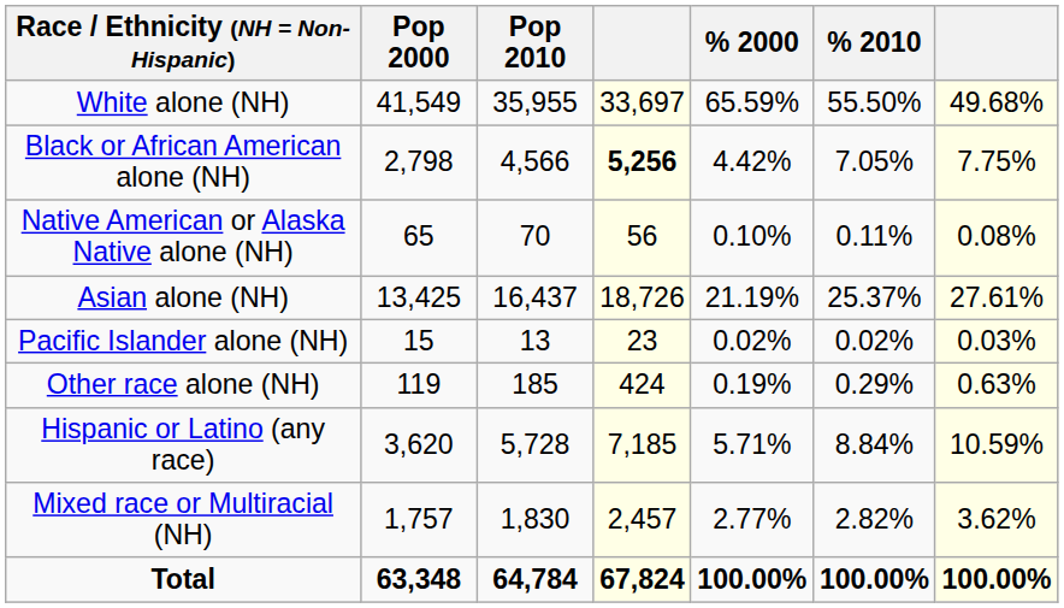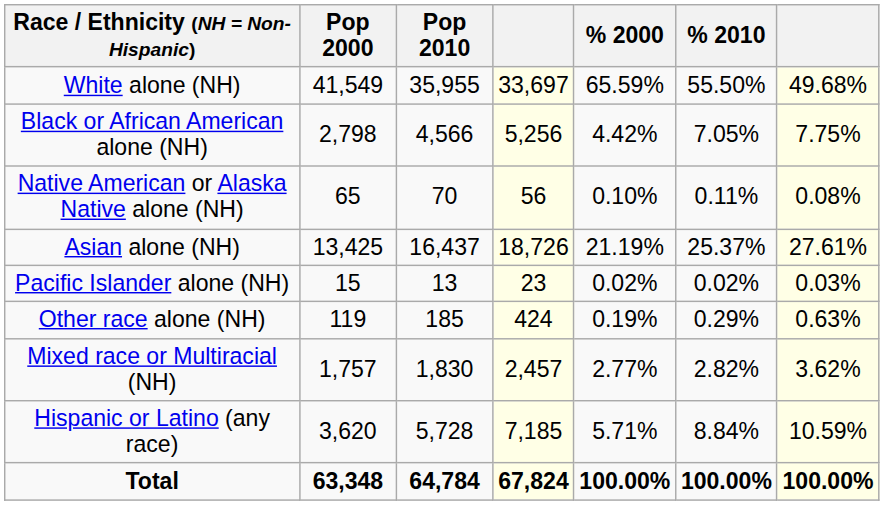 <table class="wikitable" style="text-align:center;">
 <tr>
 <th>Race / Ethnicity <small>(<em>NH = Non-Hispanic</em>)</small></th>
 <th>Pop 2000</th>
 <th>Pop 2010</th>
 <th></th>
 <th>% 2000</th>
 <th>% 2010</th>
 <th></th>
 </tr>
 <tr>
 <td><a href='#'>White</a> alone (NH)</td>
 <td>41,549</td>
 <td>35,955</td>
 <td style='background: #ffffe6;'>33,697</td>
 <td>65.59%</td>
 <td>55.50%</td>
 <td style='background: #ffffe6;'>49.68%</td>
 </tr>
 <tr>
 <td><a href='#'>Black or African American</a> alone (NH)</td>
 <td>2,798</td>
 <td>4,566</td>
-<td style='background: #ffffe6;'><strong>5,256</strong></td>
+<td style='background: #ffffe6;'>5,256</td>
 <td>4.42%</td>
 <td>7.05%</td>
 <td style='background: #ffffe6;'>7.75%</td>
 </tr>
 <tr>
 <td><a href='#'>Native American</a> or <a href='#'>Alaska Native</a> alone (NH)</td>
 <td>65</td>
 <td>70</td>
 <td style='background: #ffffe6;'>56</td>
 <td>0.10%</td>
 <td>0.11%</td>
 <td style='background: #ffffe6;'>0.08%</td>
 </tr>
 <tr>
 <td><a href='#'>Asian</a> alone (NH)</td>
 <td>13,425</td>
 <td>16,437</td>
 <td style='background: #ffffe6;'>18,726</td>
 <td>21.19%</td>
 <td>25.37%</td>
 <td style='background: #ffffe6;'>27.61%</td>
 </tr>
 <tr>
 <td><a href='#'>Pacific Islander</a> alone (NH)</td>
 <td>15</td>
 <td>13</td>
 <td style='background: #ffffe6;'>23</td>
 <td>0.02%</td>
 <td>0.02%</td>
 <td style='background: #ffffe6;'>0.03%</td>
 </tr>
 <tr>
 <td><a href='#'>Other race</a> alone (NH)</td>
 <td>119</td>
 <td>185</td>
 <td style='background: #ffffe6;'>424</td>
 <td>0.19%</td>
 <td>0.29%</td>
 <td style='background: #ffffe6;'>0.63%</td>
 </tr>
 <tr>
+<td><a href='#'>Mixed race or Multiracial</a> (NH)</td>
+<td>1,757</td>
+<td>1,830</td>
+<td style='background: #ffffe6;'>2,457</td>
+<td>2.77%</td>
+<td>2.82%</td>
+<td style='background: #ffffe6;'>3.62%</td>
+</tr>
+<tr>
 <td><a href='#'>Hispanic or Latino</a> (any race)</td>
 <td>3,620</td>
 <td>5,728</td>
 <td style='background: #ffffe6;'>7,185</td>
 <td>5.71%</td>
 <td>8.84%</td>
 <td style='background: #ffffe6;'>10.59%</td>
-</tr>
-<tr>
-<td><a href='#'>Mixed race or Multiracial</a> (NH)</td>
-<td>1,757</td>
-<td>1,830</td>
-<td style='background: #ffffe6;'>2,457</td>
-<td>2.77%</td>
-<td>2.82%</td>
-<td style='background: #ffffe6;'>3.62%</td>
 </tr>
 <tr>
 <td><strong>Total</strong></td>
 <td><strong>63,348</strong></td>
 <td><strong>64,784</strong></td>
 <td style='background: #ffffe6;'><strong>67,824</strong></td>
 <td><strong>100.00%</strong></td>
 <td><strong>100.00%</strong></td>
 <td style='background: #ffffe6;'><strong>100.00%</strong></td>
 </tr>
 </table>
